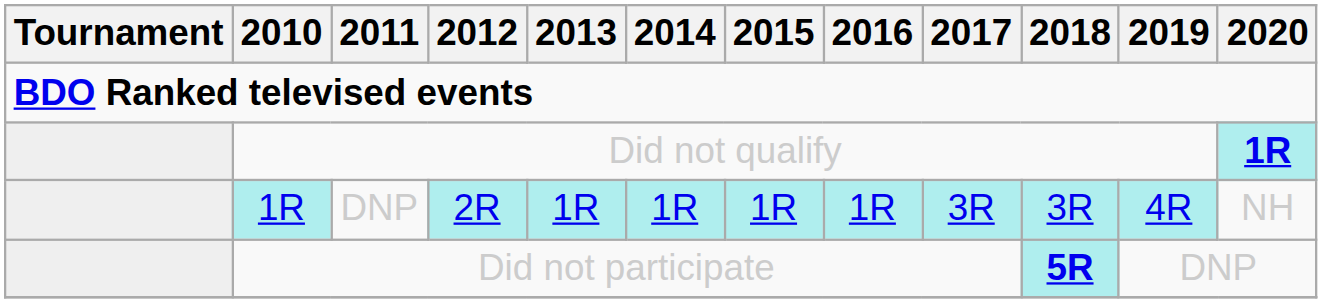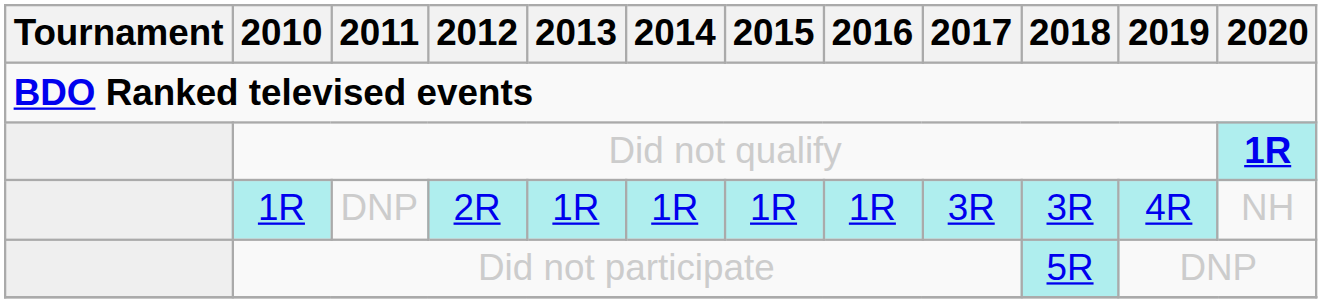 <table class="wikitable" style="width:20%; margin:0">
 <tr>
 <th>Tournament</th>
 <th>2010</th>
 <th>2011</th>
 <th>2012</th>
 <th>2013</th>
 <th>2014</th>
 <th>2015</th>
 <th>2016</th>
 <th>2017</th>
 <th>2018</th>
 <th>2019</th>
 <th>2020</th>
 </tr>
 <tr>
 <td colspan="20" style="text-align:left"><strong><a href='#'>BDO</a> Ranked televised events</strong></td>
 </tr>
 <tr>
 <td style="background:#efefef;"></td>
 <td colspan="10" style="text-align:center; color:#ccc;">Did not qualify</td>
 <td style="text-align:center; background:#afeeee;"><strong><a href='#'>1R</a></strong></td>
 </tr>
 <tr>
 <td style="background:#efefef;"></td>
 <td style="text-align:center; background:#afeeee;"><a href='#'>1R</a></td>
 <td style="text-align:center; color:#ccc;">DNP</td>
 <td style="text-align:center; background:#afeeee;"><a href='#'>2R</a></td>
 <td style="text-align:center; background:#afeeee;"><a href='#'>1R</a></td>
 <td style="text-align:center; background:#afeeee;"><a href='#'>1R</a></td>
 <td style="text-align:center; background:#afeeee;"><a href='#'>1R</a></td>
 <td style="text-align:center; background:#afeeee;"><a href='#'>1R</a></td>
 <td style="text-align:center; background:#afeeee;"><a href='#'>3R</a></td>
 <td style="text-align:center; background:#afeeee;"><a href='#'>3R</a></td>
 <td style="text-align:center; background:#afeeee;"><a href='#'>4R</a></td>
 <td style="text-align:center; color:#ccc;">NH</td>
 </tr>
 <tr>
 <td style="background:#efefef;"></td>
 <td colspan="8" style="text-align:center; color:#ccc;">Did not participate</td>
-<td style="text-align:center; background:#afeeee;"><strong><a href='#'>5R</a></strong></td>
+<td style="text-align:center; background:#afeeee;"><a href='#'>5R</a></td>
 <td colspan="2" style="text-align:center; color:#ccc;">DNP</td>
 </tr>
 <tr>
 </tr>
 </table>
